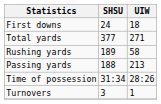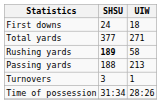 <table class="wikitable">
 <tr>
 <th>Statistics</th>
 <th>SHSU</th>
 <th>UIW</th>
 </tr>
 <tr>
 <td>First downs</td>
 <td>24</td>
 <td>18</td>
 </tr>
 <tr>
 <td>Total yards</td>
 <td>377</td>
 <td>271</td>
 </tr>
 <tr>
 <td>Rushing yards</td>
-<td>189</td>
+<td><strong>189</strong></td>
 <td>58</td>
 </tr>
 <tr>
 <td>Passing yards</td>
 <td>188</td>
 <td>213</td>
 </tr>
 <tr>
+<td>Turnovers</td>
+<td>3</td>
+<td>1</td>
+</tr>
+<tr>
 <td>Time of possession</td>
 <td>31:34</td>
 <td>28:26</td>
 </tr>
 <tr>
-<td>Turnovers</td>
-<td>3</td>
-<td>1</td>
-</tr>
-<tr>
 </tr>
 </table>
